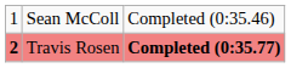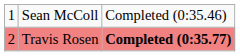 <table class="wikitable sortable">
 <tr>
 <td>1</td>
 <td>Sean McColl</td>
 <td>Completed (0:35.46)</td>
 </tr>
 <tr style="background-color:#f28282">
-<td><strong>2</strong></td>
+<td>2</td>
 <td>Travis Rosen</td>
 <td><strong>Completed (0:35.77)</strong></td>
 </tr>
 </table>
